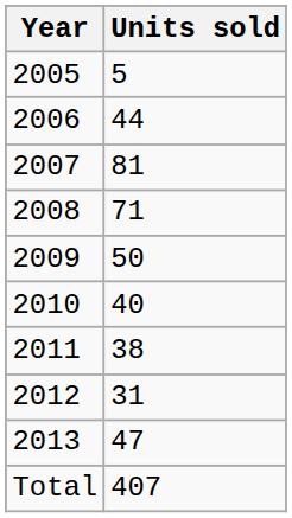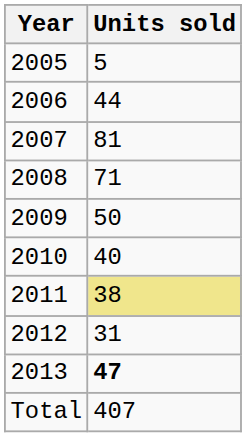 <table class="wikitable">
 <tr>
 <th>Year</th>
 <th scope="col">Units sold</th>
 </tr>
 <tr>
 <td>2005</td>
 <td>5</td>
 </tr>
 <tr>
 <td>2006</td>
 <td>44</td>
 </tr>
 <tr>
 <td>2007</td>
 <td>81</td>
 </tr>
 <tr>
 <td>2008</td>
 <td>71</td>
 </tr>
 <tr>
 <td>2009</td>
 <td>50</td>
 </tr>
 <tr>
 <td>2010</td>
 <td>40</td>
 </tr>
 <tr>
 <td>2011</td>
-<td>38</td>
+<td style="background: khaki;">38</td>
 </tr>
 <tr>
 <td>2012</td>
 <td>31</td>
 </tr>
 <tr>
 <td>2013</td>
-<td>47</td>
+<td><strong>47</strong></td>
 </tr>
 <tr>
 <td>Total</td>
 <td>407</td>
 </tr>
 </table>
